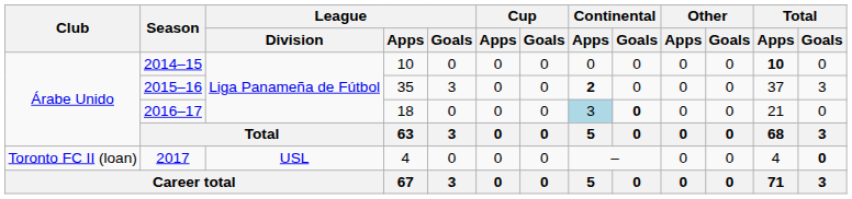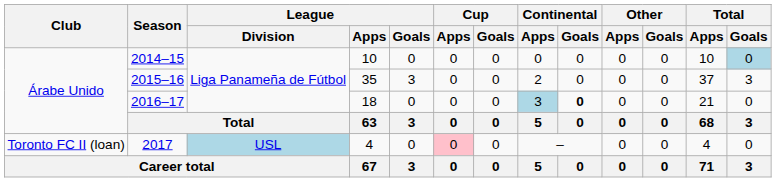 <table class="wikitable" style="text-align: center">
 <tr>
 <th rowspan="2">Club</th>
 <th rowspan="2">Season</th>
 <th colspan="3">League</th>
 <th colspan="2">Cup</th>
 <th colspan="2">Continental</th>
 <th colspan="2">Other</th>
 <th colspan="2">Total</th>
 </tr>
 <tr>
 <th>Division</th>
 <th>Apps</th>
 <th>Goals</th>
 <th>Apps</th>
 <th>Goals</th>
 <th>Apps</th>
 <th>Goals</th>
 <th>Apps</th>
 <th>Goals</th>
 <th>Apps</th>
 <th>Goals</th>
 </tr>
 <tr>
 <td rowspan="4"><a href='#'>Árabe Unido</a></td>
 <td><a href='#'>2014–15</a></td>
 <td rowspan="3"><a href='#'>Liga Panameña de Fútbol</a></td>
 <td>10</td>
 <td>0</td>
 <td>0</td>
 <td>0</td>
 <td>0</td>
 <td>0</td>
 <td>0</td>
 <td>0</td>
-<td><strong>10</strong></td>
-<td>0</td>
+<td>10</td>
+<td style="background: lightblue;">0</td>
 </tr>
 <tr>
 <td><a href='#'>2015–16</a></td>
 <td>35</td>
 <td>3</td>
 <td>0</td>
 <td>0</td>
-<td><strong>2</strong></td>
+<td>2</td>
 <td>0</td>
 <td>0</td>
 <td>0</td>
 <td>37</td>
 <td>3</td>
 </tr>
 <tr>
 <td><a href='#'>2016–17</a></td>
 <td>18</td>
 <td>0</td>
 <td>0</td>
 <td>0</td>
 <td style="background: lightblue;">3</td>
 <td><strong>0</strong></td>
 <td>0</td>
 <td>0</td>
 <td>21</td>
 <td>0</td>
 </tr>
 <tr>
 <th colspan="2"><strong>Total</strong></th>
 <th>63</th>
 <th>3</th>
 <th>0</th>
 <th>0</th>
 <th>5</th>
 <th>0</th>
 <th>0</th>
 <th>0</th>
 <th>68</th>
 <th>3</th>
 </tr>
 <tr>
 <td><a href='#'>Toronto FC II</a> (loan)</td>
 <td><a href='#'>2017</a></td>
-<td><a href='#'>USL</a></td>
+<td style="background: lightblue;"><a href='#'>USL</a></td>
 <td>4</td>
 <td>0</td>
-<td>0</td>
+<td style="background: pink;">0</td>
 <td>0</td>
 <td colspan="2">–</td>
 <td>0</td>
 <td>0</td>
 <td>4</td>
-<td><strong>0</strong></td>
+<td>0</td>
 </tr>
 <tr>
 <th colspan="3"><strong>Career total</strong></th>
 <th>67</th>
 <th>3</th>
 <th>0</th>
 <th>0</th>
 <th>5</th>
 <th>0</th>
 <th>0</th>
 <th>0</th>
 <th>71</th>
 <th>3</th>
 </tr>
 </table>
